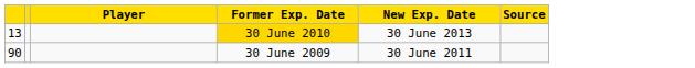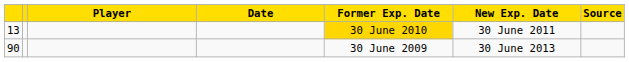 <table class="wikitable sortable">
 <tr>
 <th style="background:#FFDE00"></th>
 <th style="background:#FFDE00"></th>
 <th width=200 style="background:#FFDE00">Player</th>
+<th width=150 style="background:#FFDE00">Date</th>
 <th width=150 style="background:#FFDE00">Former Exp. Date</th>
 <th width=150 style="background:#FFDE00">New Exp. Date</th>
 <th style="background:#FFDE00">Source</th>
 </tr>
 <tr>
 <td align=center>13</td>
 <td align=center></td>
 <td></td>
+<td align=center></td>
 <td align=center style="background: gold;">30 June 2010</td>
-<td align=center>30 June 2013</td>
+<td align=center>30 June 2011</td>
 <td align=center></td>
 </tr>
 <tr>
 <td align=center>90</td>
 <td align=center></td>
 <td></td>
+<td align=center></td>
 <td align=center>30 June 2009</td>
-<td align=center>30 June 2011</td>
+<td align=center>30 June 2013</td>
 <td align=center></td>
 </tr>
 </table>
